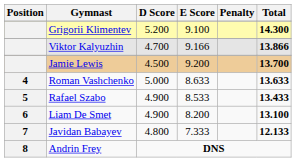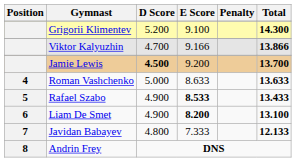 <table class="wikitable sortable" style="text-align:center;">
 <tr>
 <th>Position</th>
 <th>Gymnast</th>
 <th>D Score</th>
 <th>E Score</th>
 <th>Penalty</th>
 <th>Total</th>
 </tr>
 <tr>
 </tr>
 <tr style="background:#fffcaf;">
 <th scope="row" style="text-align:center"></th>
 <td style="text-align:left;"> <a href='#'>Grigorii Klimentev</a></td>
 <td>5.200</td>
 <td>9.100</td>
 <td></td>
 <td><strong>14.300</strong></td>
 </tr>
 <tr>
 </tr>
 <tr style="background:#e5e5e5;">
 <th scope="row" style="text-align:center"></th>
 <td style="text-align:left;"> <a href='#'>Viktor Kalyuzhin</a></td>
 <td>4.700</td>
 <td>9.166</td>
 <td></td>
 <td><strong>13.866</strong></td>
 </tr>
 <tr>
 </tr>
 <tr style="background:#ec9;">
 <th scope="row" style="text-align:center"></th>
 <td style="text-align:left;"> <a href='#'>Jamie Lewis</a></td>
-<td>4.500</td>
+<td><strong>4.500</strong></td>
 <td>9.200</td>
 <td></td>
 <td><strong>13.700</strong></td>
 </tr>
 <tr>
 <th>4</th>
 <td style="text-align:left;"> <a href='#'>Roman Vashchenko</a></td>
 <td>5.000</td>
 <td>8.633</td>
 <td></td>
 <td><strong>13.633</strong></td>
 </tr>
 <tr>
 <th>5</th>
 <td style="text-align:left;"> <a href='#'>Rafael Szabo</a></td>
 <td>4.900</td>
-<td>8.533</td>
+<td><strong>8.533</strong></td>
 <td></td>
 <td><strong>13.433</strong></td>
 </tr>
 <tr>
 <th>6</th>
 <td style="text-align:left;"> <a href='#'>Liam De Smet</a></td>
 <td>4.900</td>
-<td>8.200</td>
+<td><strong>8.200</strong></td>
 <td></td>
 <td><strong>13.100</strong></td>
 </tr>
 <tr>
 <th>7</th>
 <td style="text-align:left;"> <a href='#'>Javidan Babayev</a></td>
 <td>4.800</td>
 <td>7.333</td>
 <td></td>
 <td><strong>12.133</strong></td>
 </tr>
 <tr>
 <th>8</th>
 <td style="text-align:left;"> <a href='#'>Andrin Frey</a></td>
 <td colspan=4><strong>DNS</strong></td>
 </tr>
 </table>
